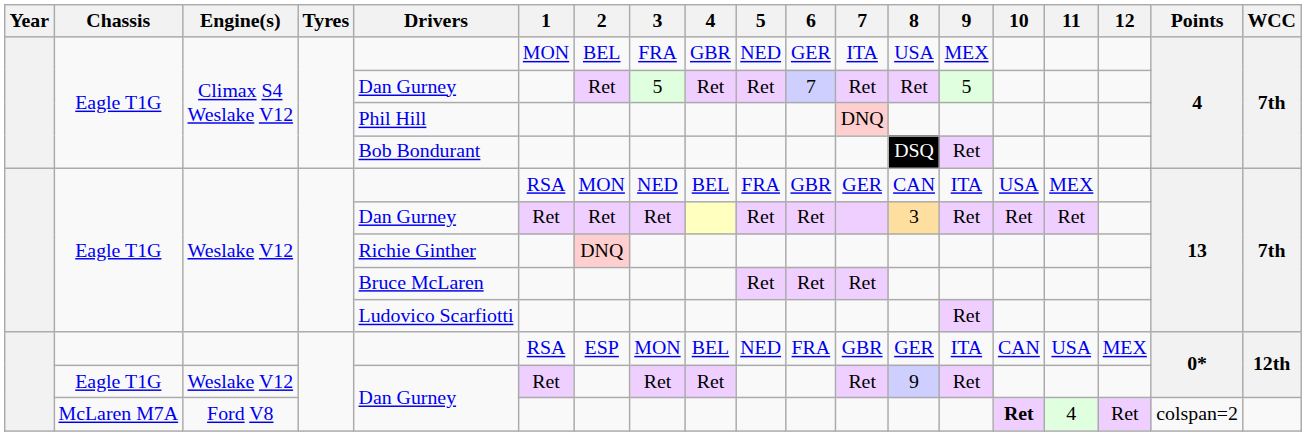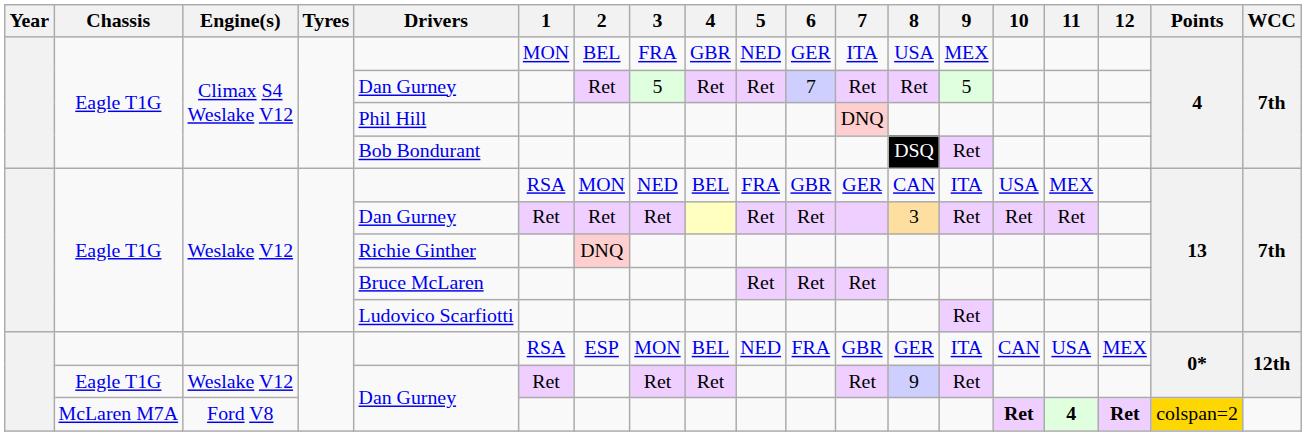 <table class="wikitable" style="text-align:center; font-size:85%">
 <tr>
 <th>Year</th>
 <th>Chassis</th>
 <th>Engine(s)</th>
 <th>Tyres</th>
 <th>Drivers</th>
 <th>1</th>
 <th>2</th>
 <th>3</th>
 <th>4</th>
 <th>5</th>
 <th>6</th>
 <th>7</th>
 <th>8</th>
 <th>9</th>
 <th>10</th>
 <th>11</th>
 <th>12</th>
 <th>Points</th>
 <th>WCC</th>
 </tr>
 <tr>
 <th rowspan="4"></th>
 <td rowspan="4"><a href='#'>Eagle T1G</a></td>
 <td rowspan="4"><a href='#'>Climax</a> <a href='#'>S4</a><br><a href='#'>Weslake</a> <a href='#'>V12</a></td>
 <td rowspan="4"></td>
 <td></td>
 <td><a href='#'>MON</a></td>
 <td><a href='#'>BEL</a></td>
 <td><a href='#'>FRA</a></td>
 <td><a href='#'>GBR</a></td>
 <td><a href='#'>NED</a></td>
 <td><a href='#'>GER</a></td>
 <td><a href='#'>ITA</a></td>
 <td><a href='#'>USA</a></td>
 <td><a href='#'>MEX</a></td>
 <td></td>
 <td></td>
 <td></td>
 <th rowspan="4">4</th>
 <th rowspan="4">7th</th>
 </tr>
 <tr>
 <td align="left"> <a href='#'>Dan Gurney</a></td>
 <td></td>
 <td style="background:#EFCFFF;">Ret</td>
 <td style="background:#DFFFDF;">5</td>
 <td style="background:#EFCFFF;">Ret</td>
 <td style="background:#EFCFFF;">Ret</td>
 <td style="background:#CFCFFF;">7</td>
 <td style="background:#EFCFFF;">Ret</td>
 <td style="background:#EFCFFF;">Ret</td>
 <td style="background:#DFFFDF;">5</td>
 <td></td>
 <td></td>
 <td></td>
 </tr>
 <tr>
 <td align="left"> <a href='#'>Phil Hill</a></td>
 <td></td>
 <td></td>
 <td></td>
 <td></td>
 <td></td>
 <td></td>
 <td style="background:#FFCFCF;">DNQ</td>
 <td></td>
 <td></td>
 <td></td>
 <td></td>
 <td></td>
 </tr>
 <tr>
 <td align="left"> <a href='#'>Bob Bondurant</a></td>
 <td></td>
 <td></td>
 <td></td>
 <td></td>
 <td></td>
 <td></td>
 <td></td>
 <td style="background:#000000; color:#ffffff">DSQ</td>
 <td style="background:#EFCFFF;">Ret</td>
 <td></td>
 <td></td>
 <td></td>
 </tr>
 <tr>
 <th rowspan="5"></th>
 <td rowspan="5"><a href='#'>Eagle T1G</a></td>
 <td rowspan="5"><a href='#'>Weslake</a> <a href='#'>V12</a></td>
 <td rowspan="5"></td>
 <td></td>
 <td><a href='#'>RSA</a></td>
 <td><a href='#'>MON</a></td>
 <td><a href='#'>NED</a></td>
 <td><a href='#'>BEL</a></td>
 <td><a href='#'>FRA</a></td>
 <td><a href='#'>GBR</a></td>
 <td><a href='#'>GER</a></td>
 <td><a href='#'>CAN</a></td>
 <td><a href='#'>ITA</a></td>
 <td><a href='#'>USA</a></td>
 <td><a href='#'>MEX</a></td>
 <td></td>
 <th rowspan="5">13</th>
 <th rowspan="5">7th</th>
 </tr>
 <tr>
 <td align="left"> <a href='#'>Dan Gurney</a></td>
 <td style="background:#EFCFFF;">Ret</td>
 <td style="background:#EFCFFF;">Ret</td>
 <td style="background:#EFCFFF;">Ret</td>
 <td style="background:#FFFFBF;"></td>
 <td style="background:#EFCFFF;">Ret</td>
 <td style="background:#EFCFFF;">Ret</td>
 <td style="background:#EFCFFF;"></td>
 <td style="background:#FFDF9F;">3</td>
 <td style="background:#EFCFFF;">Ret</td>
 <td style="background:#EFCFFF;">Ret</td>
 <td style="background:#EFCFFF;">Ret</td>
 <td></td>
 </tr>
 <tr>
 <td align="left"> <a href='#'>Richie Ginther</a></td>
 <td></td>
 <td style="background:#FFCFCF;">DNQ</td>
 <td></td>
 <td></td>
 <td></td>
 <td></td>
 <td></td>
 <td></td>
 <td></td>
 <td></td>
 <td></td>
 <td></td>
 </tr>
 <tr>
 <td align="left"> <a href='#'>Bruce McLaren</a></td>
 <td></td>
 <td></td>
 <td></td>
 <td></td>
 <td style="background:#EFCFFF;">Ret</td>
 <td style="background:#EFCFFF;">Ret</td>
 <td style="background:#EFCFFF;">Ret</td>
 <td></td>
 <td></td>
 <td></td>
 <td></td>
 <td></td>
 </tr>
 <tr>
 <td align="left"> <a href='#'>Ludovico Scarfiotti</a></td>
 <td></td>
 <td></td>
 <td></td>
 <td></td>
 <td></td>
 <td></td>
 <td></td>
 <td></td>
 <td style="background:#EFCFFF;">Ret</td>
 <td></td>
 <td></td>
 <td></td>
 </tr>
 <tr>
 <th rowspan="3"></th>
 <td></td>
 <td></td>
 <td rowspan="3"></td>
 <td></td>
 <td><a href='#'>RSA</a></td>
 <td><a href='#'>ESP</a></td>
 <td><a href='#'>MON</a></td>
 <td><a href='#'>BEL</a></td>
 <td><a href='#'>NED</a></td>
 <td><a href='#'>FRA</a></td>
 <td><a href='#'>GBR</a></td>
 <td><a href='#'>GER</a></td>
 <td><a href='#'>ITA</a></td>
 <td><a href='#'>CAN</a></td>
 <td><a href='#'>USA</a></td>
 <td><a href='#'>MEX</a></td>
 <th rowspan="2">0*</th>
 <th rowspan="2">12th</th>
 </tr>
 <tr>
 <td><a href='#'>Eagle T1G</a></td>
 <td><a href='#'>Weslake</a> <a href='#'>V12</a></td>
 <td rowspan=2 align="left"> <a href='#'>Dan Gurney</a></td>
 <td style="background:#EFCFFF;">Ret</td>
 <td></td>
 <td style="background:#EFCFFF;">Ret</td>
 <td style="background:#EFCFFF;">Ret</td>
 <td></td>
 <td></td>
 <td style="background:#EFCFFF;">Ret</td>
 <td style="background:#CFCFFF;">9</td>
 <td style="background:#EFCFFF;">Ret</td>
 <td></td>
 <td></td>
 <td></td>
 </tr>
 <tr>
 <td><a href='#'>McLaren M7A</a></td>
 <td><a href='#'>Ford</a> <a href='#'>V8</a></td>
 <td></td>
 <td></td>
 <td></td>
 <td></td>
 <td></td>
 <td></td>
 <td></td>
 <td></td>
 <td></td>
 <td style="background:#EFCFFF;"><strong>Ret</strong></td>
-<td style="background:#DFFFDF;">4</td>
-<td style="background:#EFCFFF;">Ret</td>
-<td>colspan=2 </td>
+<td style="background:#DFFFDF;"><strong>4</strong></td>
+<td style="background:#EFCFFF;"><strong>Ret</strong></td>
+<td style="background: gold;">colspan=2 </td>
 </tr>
 </table>
